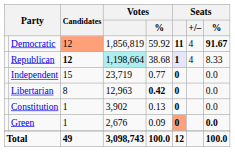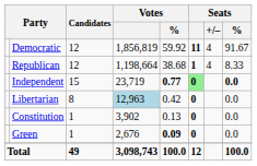 <table class="wikitable" style="font-size: 95%;">
 <tr>
 <th colspan="2" rowspan="2">Party</th>
 <th rowspan="2"><small>Candi</small><small>dates</small></th>
 <th colspan="2">Votes</th>
 <th colspan="3">Seats</th>
 </tr>
 <tr>
 <th></th>
 <th>%</th>
 <th></th>
 <th>+/–</th>
 <th>%</th>
 </tr>
 <tr>
 <td style="color:inherit;background:"></td>
 <td align="left"><a href='#'>Democratic</a></td>
-<td style="background: lightsalmon;">12</td>
+<td>12</td>
 <td>1,856,819</td>
 <td>59.92</td>
 <td><strong>11</strong></td>
 <td>4</td>
-<td><strong>91.67</strong></td>
+<td>91.67</td>
 </tr>
 <tr>
 <td style="color:inherit;background:"></td>
 <td align="left"><a href='#'>Republican</a></td>
-<td><strong>12</strong></td>
-<td style="background: paleturquoise;">1,198,664</td>
+<td>12</td>
+<td>1,198,664</td>
 <td>38.68</td>
-<td style="background: lavender;"><strong>1</strong></td>
+<td><strong>1</strong></td>
 <td>4</td>
 <td>8.33</td>
 </tr>
 <tr>
 <td style="color:inherit;background:"></td>
 <td align="left"><a href='#'>Independent</a></td>
 <td>15</td>
 <td>23,719</td>
-<td>0.77</td>
-<td><strong>0</strong></td>
+<td><strong>0.77</strong></td>
+<td style="background: lightgreen;"><strong>0</strong></td>
 <td></td>
-<td>0.0</td>
+<td><strong>0.0</strong></td>
 </tr>
 <tr>
 <td style="color:inherit;background:"></td>
 <td align="left"><a href='#'>Libertarian</a></td>
 <td>8</td>
-<td>12,963</td>
-<td><strong>0.42</strong></td>
+<td style="background: lightblue;">12,963</td>
+<td>0.42</td>
 <td><strong>0</strong></td>
 <td></td>
 <td>0.0</td>
 </tr>
 <tr>
 <td style="color:inherit;background:"></td>
 <td align="left"><a href='#'>Constitution</a></td>
 <td>1</td>
 <td>3,902</td>
 <td>0.13</td>
 <td><strong>0</strong></td>
 <td></td>
 <td>0.0</td>
 </tr>
 <tr>
 <td style="color:inherit;background:"></td>
 <td align="left"><a href='#'>Green</a></td>
 <td>1</td>
 <td>2,676</td>
-<td>0.09</td>
-<td style="background: lightsalmon;"><strong>0</strong></td>
+<td><strong>0.09</strong></td>
+<td><strong>0</strong></td>
 <td></td>
-<td><strong>0.0</strong></td>
+<td>0.0</td>
 </tr>
 <tr>
 </tr>
 <tr style="font-weight:bold">
 <td colspan="2" align="left">Total</td>
 <td>49</td>
 <td>3,098,743</td>
 <td>100.0</td>
 <td>12</td>
 <td></td>
 <td>100.0</td>
 </tr>
 </table>
